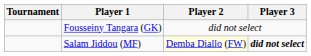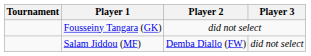 <table class="wikitable">
 <tr>
 <th>Tournament</th>
 <th>Player 1</th>
 <th>Player 2</th>
 <th>Player 3</th>
 </tr>
 <tr>
 <td></td>
 <td><a href='#'>Fousseiny Tangara</a> (<a href='#'>GK</a>)</td>
 <td colspan="2" align="center"><em>did not select</em></td>
 </tr>
 <tr>
 <td></td>
 <td><a href='#'>Salam Jiddou</a> (<a href='#'>MF</a>)</td>
-<td style="background: lightyellow;"><a href='#'>Demba Diallo</a> (<a href='#'>FW</a>)</td>
-<td align="center"><strong><em>did not select</em></strong></td>
+<td><a href='#'>Demba Diallo</a> (<a href='#'>FW</a>)</td>
+<td align="center"><em>did not select</em></td>
 </tr>
 </table>
